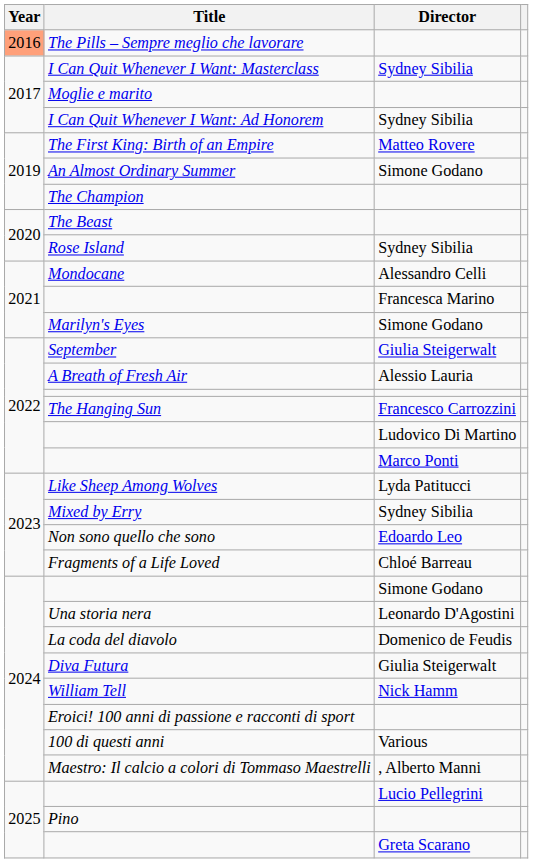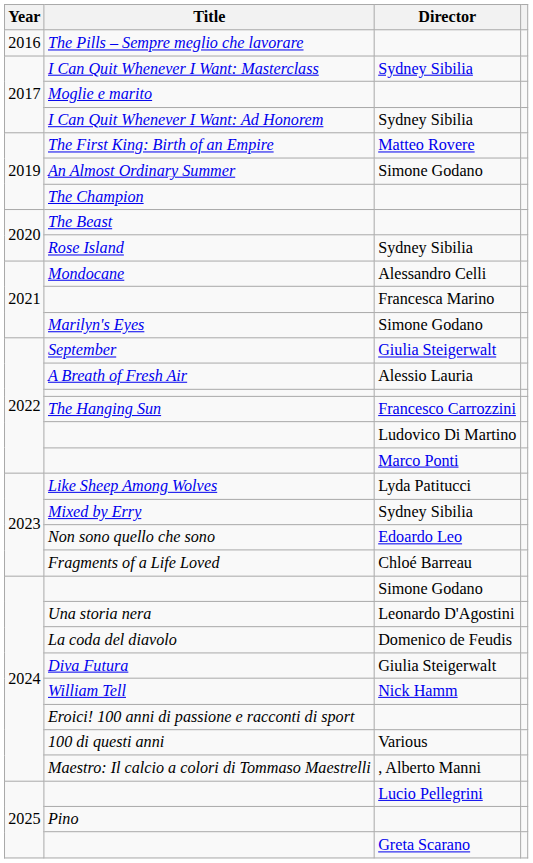 <table class="wikitable plainrowheaders sortable">
 <tr style="text-align:center;">
 <th>Year</th>
 <th>Title</th>
 <th>Director</th>
 <th class="unsortable"></th>
 </tr>
 <tr>
-<td style="background: lightsalmon;">2016</td>
+<td>2016</td>
 <td><em><a href='#'>The Pills – Sempre meglio che lavorare</a></em></td>
 <td></td>
 <td></td>
 </tr>
 <tr>
 <td rowspan="3">2017</td>
 <td><em><a href='#'>I Can Quit Whenever I Want: Masterclass</a></em></td>
 <td><a href='#'>Sydney Sibilia</a></td>
 <td></td>
 </tr>
 <tr>
 <td><em><a href='#'>Moglie e marito</a></em></td>
 <td></td>
 <td></td>
 </tr>
 <tr>
 <td><em><a href='#'>I Can Quit Whenever I Want: Ad Honorem</a></em></td>
 <td>Sydney Sibilia</td>
 <td></td>
 </tr>
 <tr>
 <td rowspan="3">2019</td>
 <td><em><a href='#'>The First King: Birth of an Empire</a></em></td>
 <td><a href='#'>Matteo Rovere</a></td>
 <td></td>
 </tr>
 <tr>
 <td><em><a href='#'>An Almost Ordinary Summer</a></em></td>
 <td>Simone Godano</td>
 <td></td>
 </tr>
 <tr>
 <td><em><a href='#'>The Champion</a></em></td>
 <td></td>
 <td></td>
 </tr>
 <tr>
 <td rowspan="2">2020</td>
 <td><em><a href='#'>The Beast</a></em></td>
 <td></td>
 <td></td>
 </tr>
 <tr>
 <td><em><a href='#'>Rose Island</a></em></td>
 <td>Sydney Sibilia</td>
 <td></td>
 </tr>
 <tr>
 <td rowspan="3">2021</td>
 <td><em><a href='#'>Mondocane</a></em></td>
 <td>Alessandro Celli</td>
 <td></td>
 </tr>
 <tr>
 <td><em></em></td>
 <td>Francesca Marino</td>
 <td></td>
 </tr>
 <tr>
 <td><em><a href='#'>Marilyn's Eyes</a></em></td>
 <td>Simone Godano</td>
 <td></td>
 </tr>
 <tr>
 <td rowspan="6">2022</td>
 <td><em><a href='#'>September</a></em></td>
 <td><a href='#'>Giulia Steigerwalt</a></td>
 <td></td>
 </tr>
 <tr>
 <td><em><a href='#'>A Breath of Fresh Air</a></em></td>
 <td>Alessio Lauria</td>
 <td></td>
 </tr>
 <tr>
 <td><em></em></td>
 <td></td>
 <td></td>
 </tr>
 <tr>
 <td><em><a href='#'>The Hanging Sun</a></em></td>
 <td><a href='#'>Francesco Carrozzini</a></td>
 <td></td>
 </tr>
 <tr>
 <td><em></em></td>
 <td>Ludovico Di Martino</td>
 <td></td>
 </tr>
 <tr>
 <td><em></em></td>
 <td><a href='#'>Marco Ponti</a></td>
 <td></td>
 </tr>
 <tr>
 <td rowspan="4">2023</td>
 <td><em><a href='#'>Like Sheep Among Wolves</a></em></td>
 <td>Lyda Patitucci</td>
 <td></td>
 </tr>
 <tr>
 <td><em><a href='#'>Mixed by Erry</a></em></td>
 <td>Sydney Sibilia</td>
 <td></td>
 </tr>
 <tr>
 <td><em>Non sono quello che sono</em></td>
 <td><a href='#'>Edoardo Leo</a></td>
 <td></td>
 </tr>
 <tr>
 <td><em>Fragments of a Life Loved</em></td>
 <td>Chloé Barreau</td>
 <td></td>
 </tr>
 <tr>
 <td rowspan="8">2024</td>
 <td><em></em></td>
 <td>Simone Godano</td>
 <td></td>
 </tr>
 <tr>
 <td><em>Una storia nera</em></td>
 <td>Leonardo D'Agostini</td>
 <td></td>
 </tr>
 <tr>
 <td><em>La coda del diavolo</em></td>
 <td>Domenico de Feudis</td>
 <td></td>
 </tr>
 <tr>
 <td><em><a href='#'>Diva Futura</a></em></td>
 <td>Giulia Steigerwalt</td>
 <td></td>
 </tr>
 <tr>
 <td><em><a href='#'>William Tell</a></em></td>
 <td><a href='#'>Nick Hamm</a></td>
 <td></td>
 </tr>
 <tr>
 <td><em>Eroici! 100 anni di passione e racconti di sport</em></td>
 <td></td>
 <td></td>
 </tr>
 <tr>
 <td><em>100 di questi anni</em></td>
 <td>Various</td>
 <td></td>
 </tr>
 <tr>
 <td><em>Maestro: Il calcio a colori di Tommaso Maestrelli</em></td>
 <td>, Alberto Manni</td>
 <td></td>
 </tr>
 <tr>
 <td rowspan="3">2025</td>
 <td><em></em></td>
 <td><a href='#'>Lucio Pellegrini</a></td>
 <td></td>
 </tr>
 <tr>
 <td><em>Pino</em></td>
 <td></td>
 <td></td>
 </tr>
 <tr>
 <td><em></em></td>
 <td><a href='#'>Greta Scarano</a></td>
 <td></td>
 </tr>
 </table>
